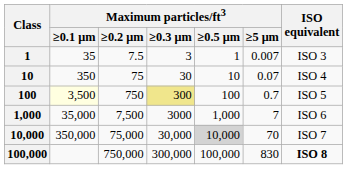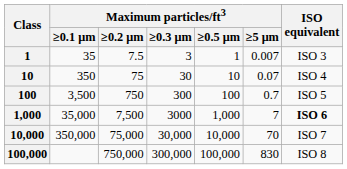 <table class="wikitable">
 <tr>
 <th rowspan="2">Class</th>
 <th colspan="5" align="center">Maximum particles/ft<sup>3</sup></th>
 <th rowspan="2">ISO<br>equivalent</th>
 </tr>
 <tr>
 <th>≥0.1 μm</th>
 <th>≥0.2 μm</th>
 <th>≥0.3 μm</th>
 <th>≥0.5 μm</th>
 <th>≥5 μm</th>
 </tr>
 <tr>
 <th>1</th>
 <td align="right">35</td>
 <td align="right">7.5</td>
 <td align="right">3</td>
 <td align="right">1</td>
 <td align="right">0.007</td>
 <td align="center">ISO 3</td>
 </tr>
 <tr>
 <th>10</th>
 <td align="right">350</td>
 <td align="right">75</td>
 <td align="right">30</td>
 <td align="right">10</td>
 <td align="right">0.07</td>
 <td align="center">ISO 4</td>
 </tr>
 <tr>
 <th>100</th>
-<td align="right" style="background: lightyellow;">3,500</td>
+<td align="right">3,500</td>
 <td align="right">750</td>
-<td align="right" style="background: khaki;">300</td>
+<td align="right">300</td>
 <td align="right">100</td>
 <td align="right">0.7</td>
 <td align="center">ISO 5</td>
 </tr>
 <tr>
 <th>1,000</th>
 <td align="right">35,000</td>
 <td align="right">7,500</td>
 <td align="right">3000</td>
 <td align="right">1,000</td>
 <td align="right">7</td>
-<td align="center">ISO 6</td>
+<td align="center"><strong>ISO 6</strong></td>
 </tr>
 <tr>
 <th>10,000</th>
 <td align="right">350,000</td>
 <td align="right">75,000</td>
 <td align="right">30,000</td>
-<td align="right" style="background: lightgrey;">10,000</td>
+<td align="right">10,000</td>
 <td align="right">70</td>
 <td align="center">ISO 7</td>
 </tr>
 <tr>
 <th>100,000</th>
 <td align="right"></td>
 <td align="right">750,000</td>
 <td align="right">300,000</td>
 <td align="right">100,000</td>
 <td align="right">830</td>
-<td align="center"><strong>ISO 8</strong></td>
+<td align="center">ISO 8</td>
 </tr>
 </table>
